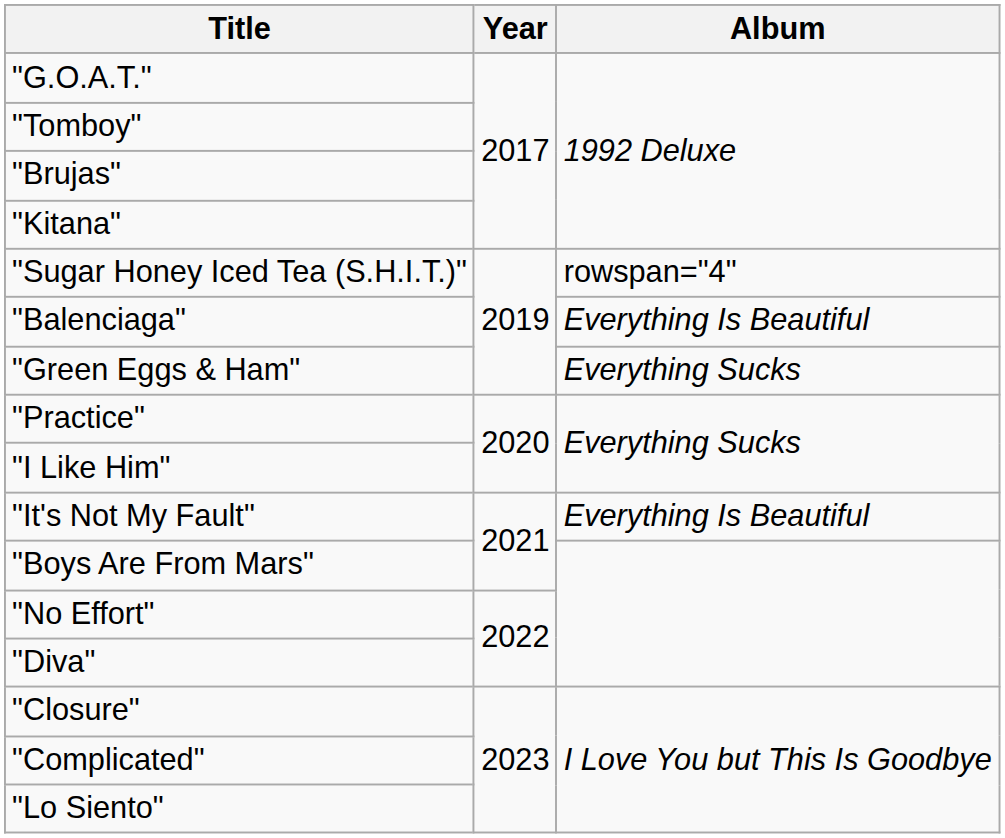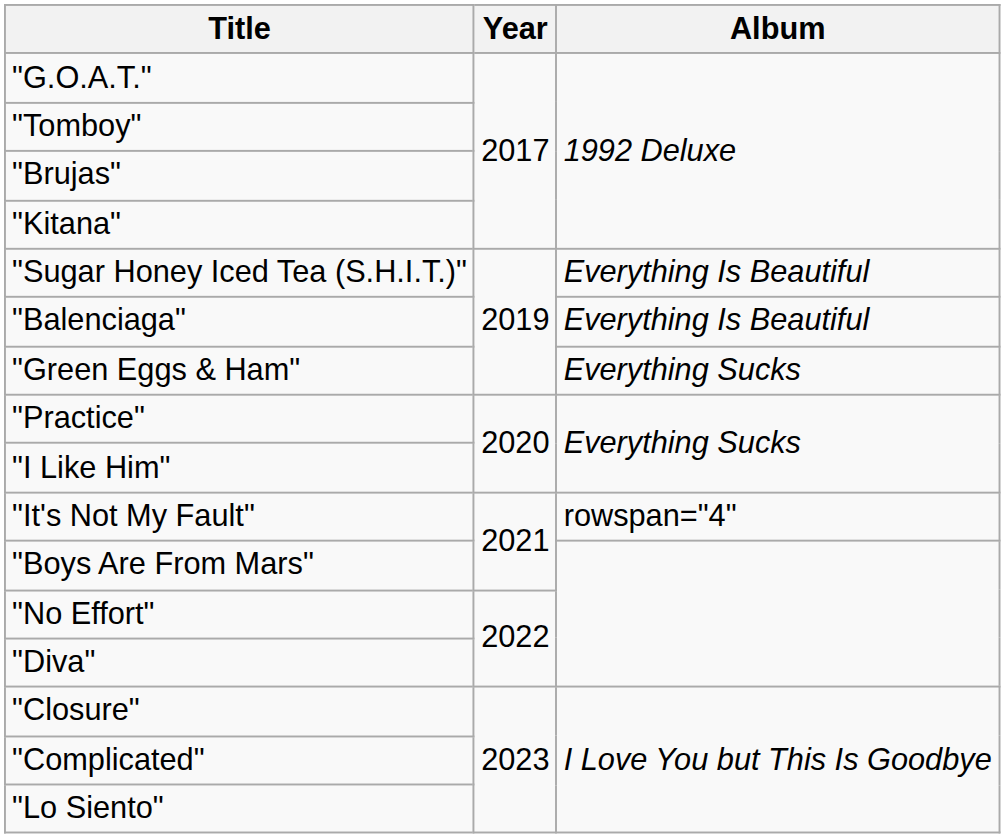 <table class="wikitable">
 <tr>
 <th>Title</th>
 <th>Year</th>
 <th>Album</th>
 </tr>
 <tr>
 <td>"G.O.A.T."</td>
 <td rowspan="4">2017</td>
 <td rowspan="4"><em>1992 Deluxe</em></td>
 </tr>
 <tr>
 <td>"Tomboy"</td>
 </tr>
 <tr>
 <td>"Brujas"</td>
 </tr>
 <tr>
 <td>"Kitana"</td>
 </tr>
 <tr>
 <td>"Sugar Honey Iced Tea (S.H.I.T.)"</td>
 <td rowspan="3">2019</td>
-<td>rowspan="4" </td>
+<td><em>Everything Is Beautiful</em></td>
 </tr>
 <tr>
 <td>"Balenciaga"</td>
 <td><em>Everything Is Beautiful</em></td>
 </tr>
 <tr>
 <td>"Green Eggs & Ham"</td>
 <td><em>Everything Sucks</em></td>
 </tr>
 <tr>
 <td>"Practice"</td>
 <td rowspan="2">2020</td>
 <td rowspan="2"><em>Everything Sucks</em></td>
 </tr>
 <tr>
 <td>"I Like Him"</td>
 </tr>
 <tr>
 <td>"It's Not My Fault"</td>
 <td rowspan="2">2021</td>
-<td><em>Everything Is Beautiful</em></td>
+<td>rowspan="4" </td>
 </tr>
 <tr>
 <td>"Boys Are From Mars"<br></td>
 </tr>
 <tr>
 <td>"No Effort"</td>
 <td rowspan="2">2022</td>
 </tr>
 <tr>
 <td>"Diva"</td>
 </tr>
 <tr>
 <td>"Closure"</td>
 <td rowspan="3">2023</td>
 <td rowspan="3"><em>I Love You but This Is Goodbye</em></td>
 </tr>
 <tr>
 <td>"Complicated"</td>
 </tr>
 <tr>
 <td>"Lo Siento"</td>
 </tr>
 </table>
